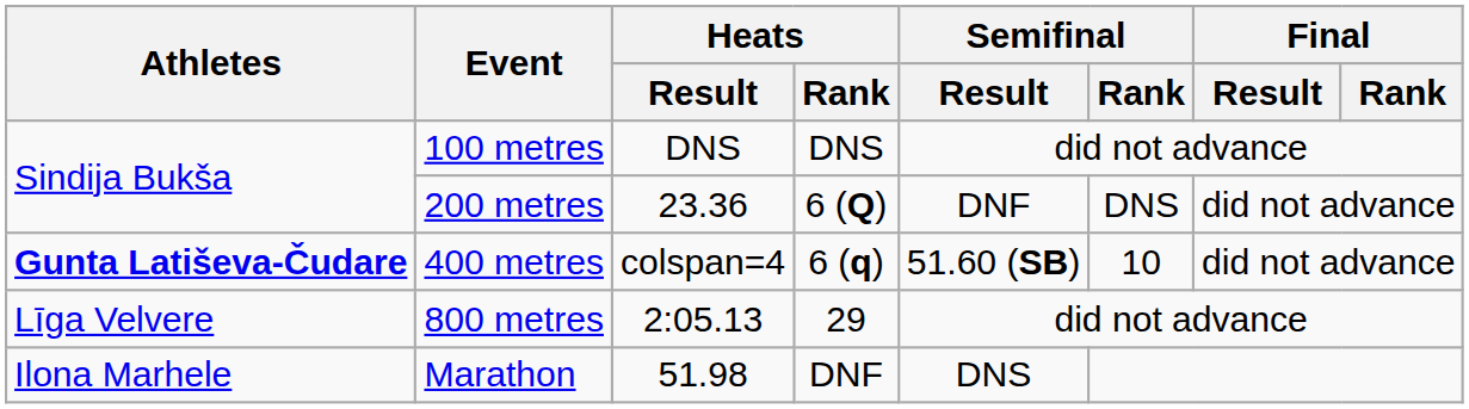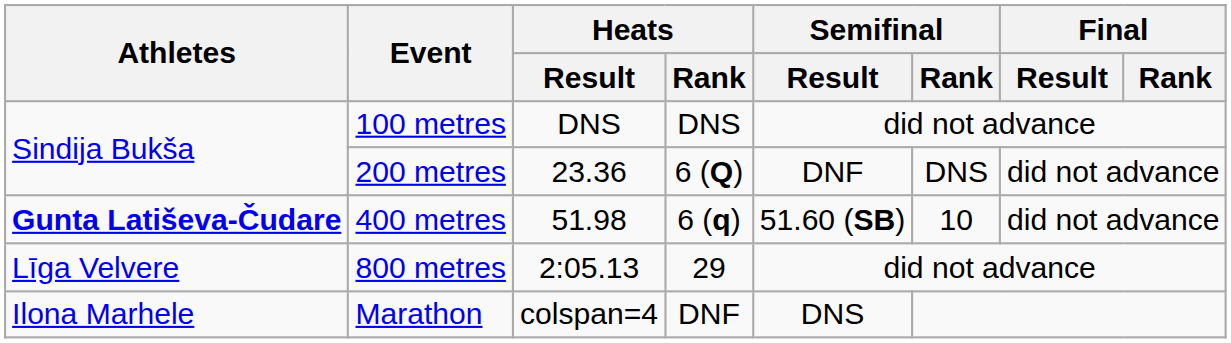 <table class="wikitable" border="1" style="font-size:90%">
 <tr>
 <th rowspan="2">Athletes</th>
 <th rowspan="2">Event</th>
 <th colspan="2">Heats</th>
 <th colspan="2">Semifinal</th>
 <th colspan="2">Final</th>
 </tr>
 <tr>
 <th>Result</th>
 <th>Rank</th>
 <th>Result</th>
 <th>Rank</th>
 <th>Result</th>
 <th>Rank</th>
 </tr>
 <tr>
 <td rowspan=2><a href='#'>Sindija Bukša</a></td>
 <td><a href='#'>100 metres</a></td>
 <td align=center>DNS</td>
 <td align=center>DNS</td>
 <td align=center colspan=4>did not advance</td>
 </tr>
 <tr>
 <td><a href='#'>200 metres</a></td>
 <td align=center>23.36</td>
 <td align=center>6 (<strong>Q</strong>)</td>
 <td align=center>DNF</td>
 <td align=center>DNS</td>
 <td align=center colspan=2>did not advance</td>
 </tr>
 <tr>
 <td><strong><a href='#'>Gunta Latiševa-Čudare</a></strong></td>
 <td><a href='#'>400 metres</a></td>
-<td>colspan=4</td>
+<td align=center>51.98</td>
 <td align=center>6 (<strong>q</strong>)</td>
 <td align=center>51.60 (<strong>SB</strong>)</td>
 <td align=center>10</td>
 <td align=center colspan=2>did not advance</td>
 </tr>
 <tr>
 <td><a href='#'>Līga Velvere</a></td>
 <td><a href='#'>800 metres</a></td>
 <td align=center>2:05.13</td>
 <td align=center>29</td>
 <td align=center colspan=4>did not advance</td>
 </tr>
 <tr>
 <td><a href='#'>Ilona Marhele</a></td>
 <td><a href='#'>Marathon</a></td>
-<td align=center>51.98</td>
+<td>colspan=4</td>
 <td align=center>DNF</td>
 <td align=center>DNS</td>
 </tr>
 </table>
